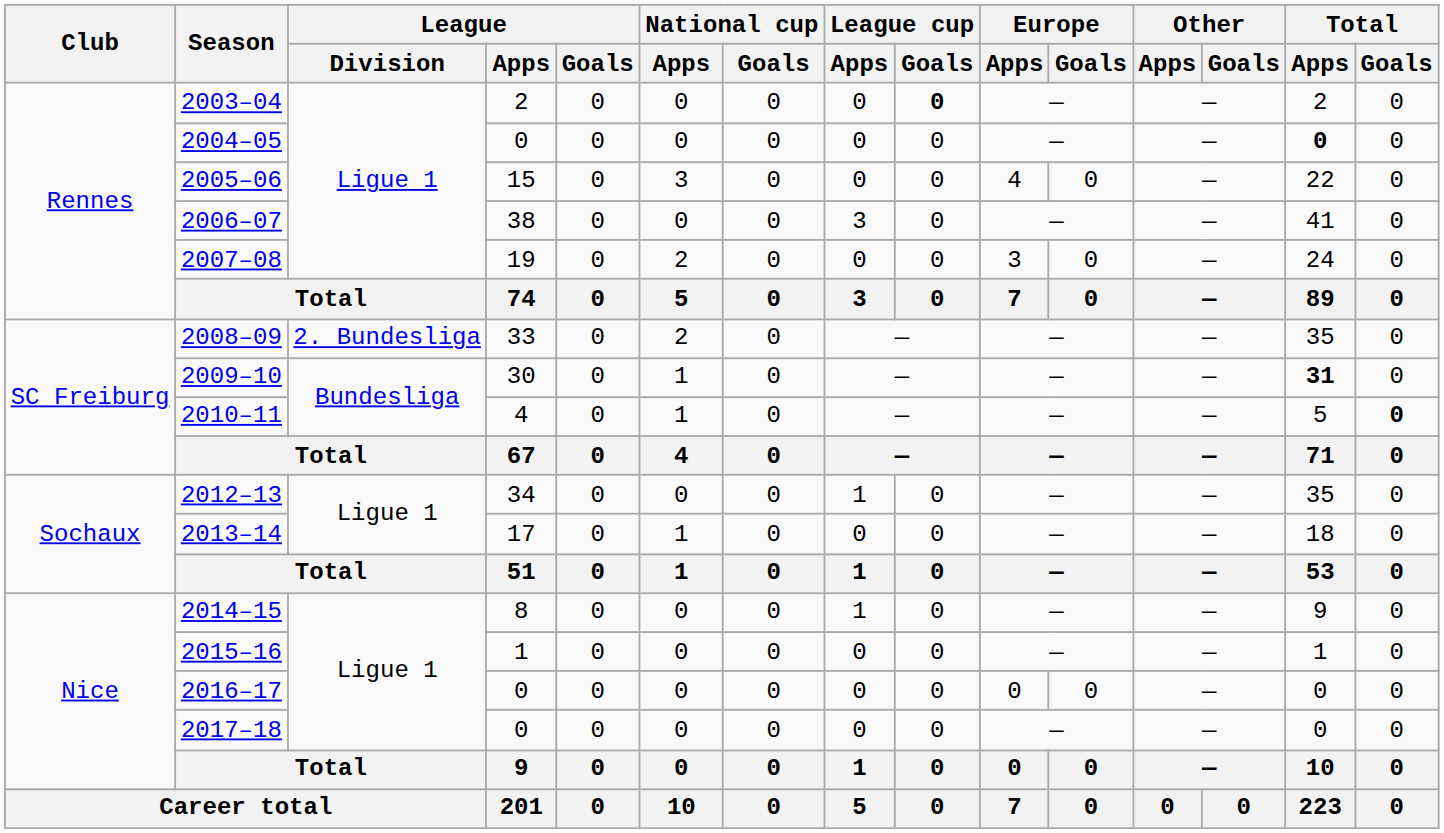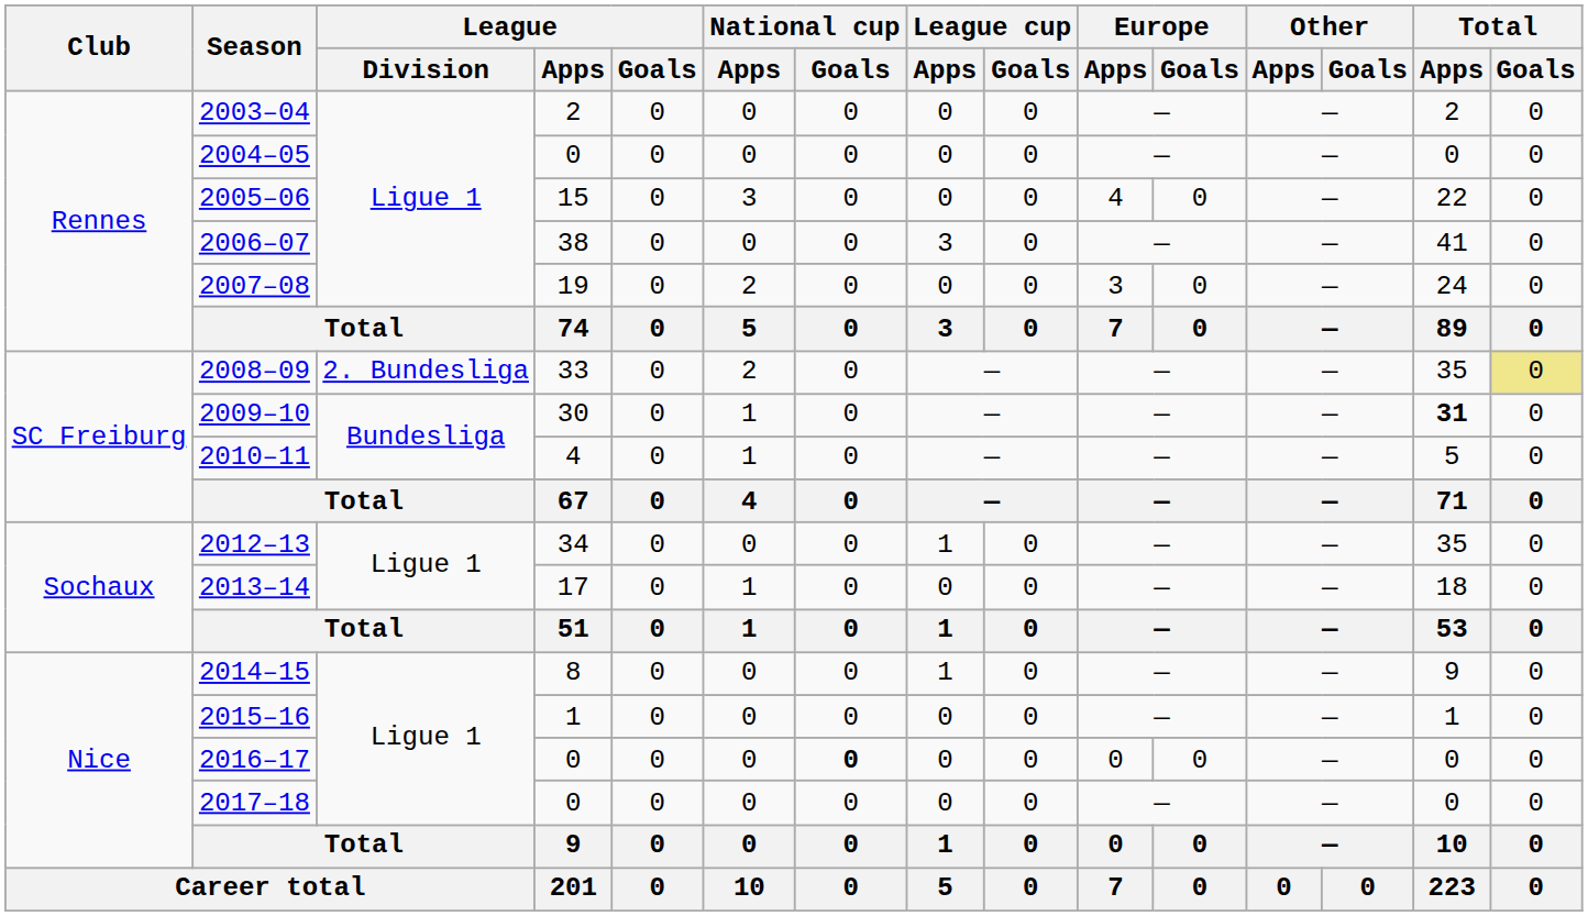 <table class="wikitable" style="text-align: center;">
 <tr>
 <th rowspan="2">Club</th>
 <th rowspan="2">Season</th>
 <th colspan="3">League</th>
 <th colspan="2">National cup</th>
 <th colspan="2">League cup</th>
 <th colspan="2">Europe</th>
 <th colspan="2">Other</th>
 <th colspan="2">Total</th>
 </tr>
 <tr>
 <th>Division</th>
 <th>Apps</th>
 <th>Goals</th>
 <th>Apps</th>
 <th>Goals</th>
 <th>Apps</th>
 <th>Goals</th>
 <th>Apps</th>
 <th>Goals</th>
 <th>Apps</th>
 <th>Goals</th>
 <th>Apps</th>
 <th>Goals</th>
 </tr>
 <tr>
 <td rowspan="6"><a href='#'>Rennes</a></td>
 <td><a href='#'>2003–04</a></td>
 <td rowspan="5"><a href='#'>Ligue 1</a></td>
 <td>2</td>
 <td>0</td>
 <td>0</td>
 <td>0</td>
 <td>0</td>
-<td><strong>0</strong></td>
+<td>0</td>
 <td colspan="2">—</td>
 <td colspan="2">—</td>
 <td>2</td>
 <td>0</td>
 </tr>
 <tr>
 <td><a href='#'>2004–05</a></td>
 <td>0</td>
 <td>0</td>
 <td>0</td>
 <td>0</td>
 <td>0</td>
 <td>0</td>
 <td colspan="2">—</td>
 <td colspan="2">—</td>
-<td><strong>0</strong></td>
+<td>0</td>
 <td>0</td>
 </tr>
 <tr>
 <td><a href='#'>2005–06</a></td>
 <td>15</td>
 <td>0</td>
 <td>3</td>
 <td>0</td>
 <td>0</td>
 <td>0</td>
 <td>4</td>
 <td>0</td>
 <td colspan="2">—</td>
 <td>22</td>
 <td>0</td>
 </tr>
 <tr>
 <td><a href='#'>2006–07</a></td>
 <td>38</td>
 <td>0</td>
 <td>0</td>
 <td>0</td>
 <td>3</td>
 <td>0</td>
 <td colspan="2">—</td>
 <td colspan="2">—</td>
 <td>41</td>
 <td>0</td>
 </tr>
 <tr>
 <td><a href='#'>2007–08</a></td>
 <td>19</td>
 <td>0</td>
 <td>2</td>
 <td>0</td>
 <td>0</td>
 <td>0</td>
 <td>3</td>
 <td>0</td>
 <td colspan="2">—</td>
 <td>24</td>
 <td>0</td>
 </tr>
 <tr>
 <th colspan="2">Total</th>
 <th>74</th>
 <th>0</th>
 <th>5</th>
 <th>0</th>
 <th>3</th>
 <th>0</th>
 <th>7</th>
 <th>0</th>
 <th colspan="2">—</th>
 <th>89</th>
 <th>0</th>
 </tr>
 <tr>
 <td rowspan="4"><a href='#'>SC Freiburg</a></td>
 <td><a href='#'>2008–09</a></td>
 <td><a href='#'>2. Bundesliga</a></td>
 <td>33</td>
 <td>0</td>
 <td>2</td>
 <td>0</td>
 <td colspan="2">—</td>
 <td colspan="2">—</td>
 <td colspan="2">—</td>
 <td>35</td>
-<td>0</td>
+<td style="background: khaki;">0</td>
 </tr>
 <tr>
 <td><a href='#'>2009–10</a></td>
 <td rowspan="2"><a href='#'>Bundesliga</a></td>
 <td>30</td>
 <td>0</td>
 <td>1</td>
 <td>0</td>
 <td colspan="2">—</td>
 <td colspan="2">—</td>
 <td colspan="2">—</td>
 <td><strong>31</strong></td>
 <td>0</td>
 </tr>
 <tr>
 <td><a href='#'>2010–11</a></td>
 <td>4</td>
 <td>0</td>
 <td>1</td>
 <td>0</td>
 <td colspan="2">—</td>
 <td colspan="2">—</td>
 <td colspan="2">—</td>
 <td>5</td>
-<td><strong>0</strong></td>
+<td>0</td>
 </tr>
 <tr>
 <th colspan="2">Total</th>
 <th>67</th>
 <th>0</th>
 <th>4</th>
 <th>0</th>
 <th colspan="2">—</th>
 <th colspan="2">—</th>
 <th colspan="2">—</th>
 <th>71</th>
 <th>0</th>
 </tr>
 <tr>
 <td rowspan="3"><a href='#'>Sochaux</a></td>
 <td><a href='#'>2012–13</a></td>
 <td rowspan="2">Ligue 1</td>
 <td>34</td>
 <td>0</td>
 <td>0</td>
 <td>0</td>
 <td>1</td>
 <td>0</td>
 <td colspan="2">—</td>
 <td colspan="2">—</td>
 <td>35</td>
 <td>0</td>
 </tr>
 <tr>
 <td><a href='#'>2013–14</a></td>
 <td>17</td>
 <td>0</td>
 <td>1</td>
 <td>0</td>
 <td>0</td>
 <td>0</td>
 <td colspan="2">—</td>
 <td colspan="2">—</td>
 <td>18</td>
 <td>0</td>
 </tr>
 <tr>
 <th colspan="2">Total</th>
 <th>51</th>
 <th>0</th>
 <th>1</th>
 <th>0</th>
 <th>1</th>
 <th>0</th>
 <th colspan="2">—</th>
 <th colspan="2">—</th>
 <th>53</th>
 <th>0</th>
 </tr>
 <tr>
 <td rowspan="5"><a href='#'>Nice</a></td>
 <td><a href='#'>2014–15</a></td>
 <td rowspan="4">Ligue 1</td>
 <td>8</td>
 <td>0</td>
 <td>0</td>
 <td>0</td>
 <td>1</td>
 <td>0</td>
 <td colspan="2">—</td>
 <td colspan="2">—</td>
 <td>9</td>
 <td>0</td>
 </tr>
 <tr>
 <td><a href='#'>2015–16</a></td>
 <td>1</td>
 <td>0</td>
 <td>0</td>
 <td>0</td>
 <td>0</td>
 <td>0</td>
 <td colspan="2">—</td>
 <td colspan="2">—</td>
 <td>1</td>
 <td>0</td>
 </tr>
 <tr>
 <td><a href='#'>2016–17</a></td>
 <td>0</td>
 <td>0</td>
 <td>0</td>
-<td>0</td>
+<td><strong>0</strong></td>
 <td>0</td>
 <td>0</td>
 <td>0</td>
 <td>0</td>
 <td colspan="2">—</td>
 <td>0</td>
 <td>0</td>
 </tr>
 <tr>
 <td><a href='#'>2017–18</a></td>
 <td>0</td>
 <td>0</td>
 <td>0</td>
 <td>0</td>
 <td>0</td>
 <td>0</td>
 <td colspan="2">—</td>
 <td colspan="2">—</td>
 <td>0</td>
 <td>0</td>
 </tr>
 <tr>
 <th colspan="2">Total</th>
 <th>9</th>
 <th>0</th>
 <th>0</th>
 <th>0</th>
 <th>1</th>
 <th>0</th>
 <th>0</th>
 <th>0</th>
 <th colspan="2">—</th>
 <th>10</th>
 <th>0</th>
 </tr>
 <tr>
 <th colspan="3">Career total</th>
 <th>201</th>
 <th>0</th>
 <th>10</th>
 <th>0</th>
 <th>5</th>
 <th>0</th>
 <th>7</th>
 <th>0</th>
 <th>0</th>
 <th>0</th>
 <th>223</th>
 <th>0</th>
 </tr>
 </table>
